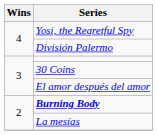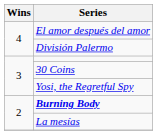 <table class="wikitable">
 <tr>
 <th>Wins</th>
 <th>Series</th>
 </tr>
 <tr>
 <td rowspan="2" style="text-align:center">4</td>
-<td><em><a href='#'>Yosi, the Regretful Spy</a></em></td>
+<td><em><a href='#'>El amor después del amor</a></em></td>
 </tr>
 <tr>
 <td><em><a href='#'>División Palermo</a></em></td>
 </tr>
 <tr>
 <td rowspan="3" style="text-align:center">3</td>
 <td><em></em></td>
 </tr>
 <tr>
 <td><em><a href='#'>30 Coins</a></em></td>
 </tr>
 <tr>
-<td><em><a href='#'>El amor después del amor</a></em></td>
+<td><em><a href='#'>Yosi, the Regretful Spy</a></em></td>
 </tr>
 <tr>
 <td rowspan="2" style="text-align:center">2</td>
 <td><strong><em><a href='#'>Burning Body</a></em></strong></td>
 </tr>
 <tr>
 <td><em><a href='#'>La mesías</a></em></td>
 </tr>
 <tr>
 </tr>
 </table>
